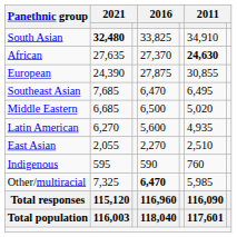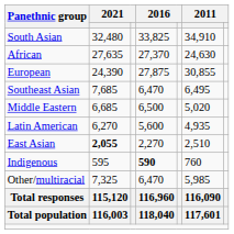 <table class="wikitable collapsible sortable">
 <tr>
 <th rowspan="2"><a href='#'>Panethnic</a> group</th>
 <th colspan="2">2021</th>
 <th colspan="2">2016</th>
 <th colspan="2">2011</th>
 </tr>
 <tr>
 <th><a href='#'></a></th>
 <th></th>
 <th></th>
 <th></th>
 <th></th>
 <th></th>
 </tr>
 <tr>
 <td><a href='#'>South Asian</a></td>
-<td><strong>32,480</strong></td>
+<td>32,480</td>
 <td></td>
 <td>33,825</td>
 <td></td>
 <td>34,910</td>
 <td></td>
 </tr>
 <tr>
 <td><a href='#'>African</a></td>
 <td>27,635</td>
 <td></td>
 <td>27,370</td>
 <td></td>
-<td><strong>24,630</strong></td>
+<td>24,630</td>
 <td></td>
 </tr>
 <tr>
 <td><a href='#'>European</a></td>
 <td>24,390</td>
 <td></td>
 <td>27,875</td>
 <td></td>
 <td>30,855</td>
 <td></td>
 </tr>
 <tr>
 <td><a href='#'>Southeast Asian</a></td>
 <td>7,685</td>
 <td></td>
 <td>6,470</td>
 <td></td>
 <td>6,495</td>
 <td></td>
 </tr>
 <tr>
 <td><a href='#'>Middle Eastern</a></td>
 <td>6,685</td>
 <td></td>
 <td>6,500</td>
 <td></td>
 <td>5,020</td>
 <td></td>
 </tr>
 <tr>
 <td><a href='#'>Latin American</a></td>
 <td>6,270</td>
 <td></td>
 <td>5,600</td>
 <td></td>
 <td>4,935</td>
 <td></td>
 </tr>
 <tr>
 <td><a href='#'>East Asian</a></td>
-<td>2,055</td>
+<td><strong>2,055</strong></td>
 <td></td>
 <td>2,270</td>
 <td></td>
 <td>2,510</td>
 <td></td>
 </tr>
 <tr>
 <td><a href='#'>Indigenous</a></td>
 <td>595</td>
 <td></td>
-<td>590</td>
+<td><strong>590</strong></td>
 <td></td>
 <td>760</td>
 <td></td>
 </tr>
 <tr>
 <td>Other/<a href='#'>multiracial</a></td>
 <td>7,325</td>
 <td></td>
-<td><strong>6,470</strong></td>
+<td>6,470</td>
 <td></td>
 <td>5,985</td>
 <td></td>
 </tr>
 <tr>
 <th>Total responses</th>
 <th>115,120</th>
 <th></th>
 <th>116,960</th>
 <th></th>
 <th>116,090</th>
 <th></th>
 </tr>
 <tr class="sortbottom">
 <th>Total population</th>
 <th>116,003</th>
 <th></th>
 <th>118,040</th>
 <th></th>
 <th>117,601</th>
 <th></th>
 </tr>
 <tr class="sortbottom">
 <td colspan="15"></td>
 </tr>
 </table>
